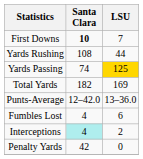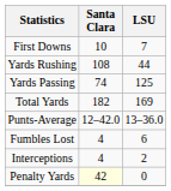 <table class=wikitable style="text-align:center">
 <tr>
 <th>Statistics</th>
 <th>Santa<br>Clara</th>
 <th>LSU</th>
 </tr>
 <tr>
 <td>First Downs</td>
-<td><strong>10</strong></td>
+<td>10</td>
 <td>7</td>
 </tr>
 <tr>
 <td>Yards Rushing</td>
 <td>108</td>
 <td>44</td>
 </tr>
 <tr>
 <td>Yards Passing</td>
 <td>74</td>
-<td style="background: gold;">125</td>
+<td>125</td>
 </tr>
 <tr>
 <td>Total Yards</td>
 <td>182</td>
 <td>169</td>
 </tr>
 <tr>
 <td>Punts-Average</td>
 <td>12–42.0</td>
 <td>13–36.0</td>
 </tr>
 <tr>
 <td>Fumbles Lost</td>
 <td>4</td>
 <td>6</td>
 </tr>
 <tr>
 <td>Interceptions</td>
-<td style="background: paleturquoise;">4</td>
+<td>4</td>
 <td>2</td>
 </tr>
 <tr>
 <td>Penalty Yards</td>
-<td>42</td>
+<td style="background: lightyellow;">42</td>
 <td>0</td>
 </tr>
 <tr>
 </tr>
 </table>
